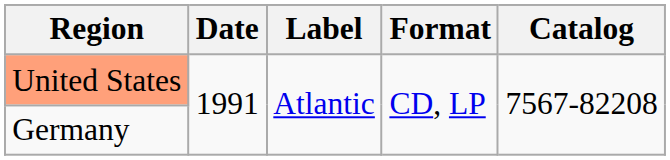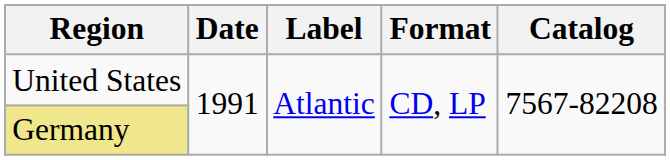 <table class="wikitable">
 <tr>
 <th>Region</th>
 <th>Date</th>
 <th>Label</th>
 <th>Format</th>
 <th>Catalog</th>
 </tr>
 <tr>
-<td style="background: lightsalmon;">United States</td>
+<td>United States</td>
 <td rowspan="2">1991</td>
 <td rowspan="2"><a href='#'>Atlantic</a></td>
 <td rowspan="2"><a href='#'>CD</a>, <a href='#'>LP</a></td>
 <td rowspan="2">7567-82208</td>
 </tr>
 <tr>
-<td>Germany</td>
+<td style="background: khaki;">Germany</td>
 </tr>
 </table>
